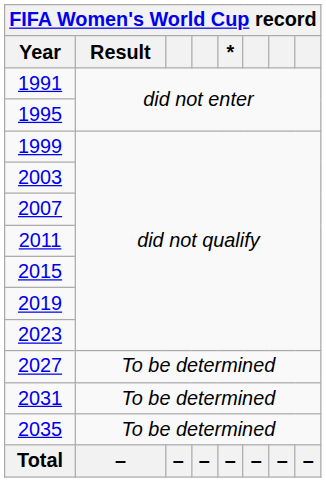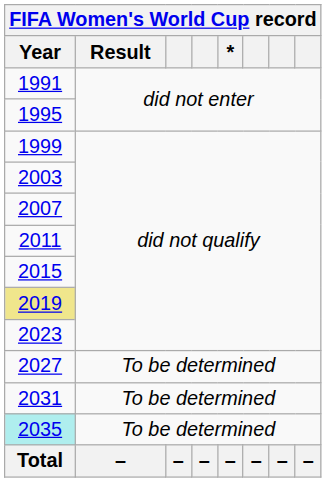 <table class="wikitable" style="text-align: center;">
 <tr>
 <th colspan="100"><a href='#'>FIFA Women's World Cup</a> record</th>
 </tr>
 <tr>
 <th>Year</th>
 <th>Result</th>
 <th></th>
 <th></th>
 <th>*</th>
 <th></th>
 <th></th>
 <th></th>
 </tr>
 <tr>
 <td> <a href='#'>1991</a></td>
 <td rowspan=2 colspan=7><em>did not enter</em></td>
 </tr>
 <tr>
 <td> <a href='#'>1995</a></td>
 </tr>
 <tr>
 <td> <a href='#'>1999</a></td>
 <td rowspan=7 colspan=7><em>did not qualify</em></td>
 </tr>
 <tr>
 <td> <a href='#'>2003</a></td>
 </tr>
 <tr>
 <td> <a href='#'>2007</a></td>
 </tr>
 <tr>
 <td> <a href='#'>2011</a></td>
 </tr>
 <tr>
 <td> <a href='#'>2015</a></td>
 </tr>
 <tr>
-<td> <a href='#'>2019</a></td>
+<td style="background: khaki;"> <a href='#'>2019</a></td>
 </tr>
 <tr>
 <td>  <a href='#'>2023</a></td>
 </tr>
 <tr>
 <td> <a href='#'>2027</a></td>
 <td colspan=7><em>To be determined</em></td>
 </tr>
 <tr>
 <td> <a href='#'>2031</a></td>
 <td colspan=7><em>To be determined</em></td>
 </tr>
 <tr>
-<td> <a href='#'>2035</a></td>
+<td style="background: paleturquoise;"> <a href='#'>2035</a></td>
 <td colspan=7><em>To be determined</em></td>
 </tr>
 <tr>
 <th>Total</th>
 <th>–</th>
 <th>–</th>
 <th>–</th>
 <th>–</th>
 <th>–</th>
 <th>–</th>
 <th>–</th>
 </tr>
 </table>
